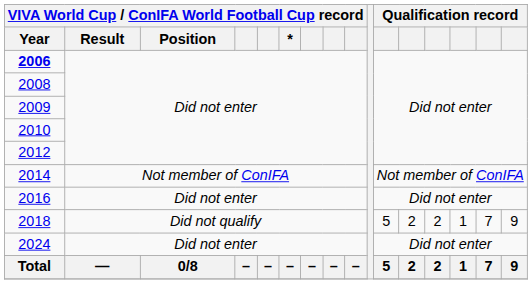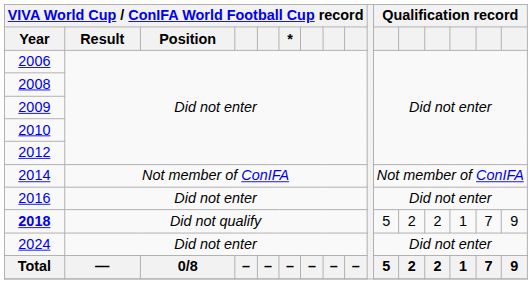 <table class="wikitable" style="text-align:center;">
 <tr>
 <th colspan="9"><a href='#'>VIVA World Cup</a> / <a href='#'>ConIFA World Football Cup</a> record</th>
 <th rowspan="39"></th>
 <th colspan="6">Qualification record</th>
 </tr>
 <tr>
 <th>Year</th>
 <th>Result</th>
 <th>Position</th>
 <th></th>
 <th></th>
 <th>*</th>
 <th></th>
 <th></th>
 <th></th>
 <th></th>
 <th></th>
 <th></th>
 <th></th>
 <th></th>
 <th></th>
 </tr>
 <tr>
-<td><strong> <a href='#'>2006</a></strong></td>
+<td> <a href='#'>2006</a></td>
 <td colspan=8 rowspan=5><em>Did not enter</em></td>
 <td colspan=6 rowspan=5><em>Did not enter</em></td>
 </tr>
 <tr>
 <td> <a href='#'>2008</a></td>
 </tr>
 <tr>
 <td> <a href='#'>2009</a></td>
 </tr>
 <tr>
 <td> <a href='#'>2010</a></td>
 </tr>
 <tr>
 <td> <a href='#'>2012</a></td>
 </tr>
 <tr>
 <td> <a href='#'>2014</a></td>
 <td colspan="8"><em>Not member of <a href='#'>ConIFA</a></em></td>
 <td colspan="6"><em>Not member of <a href='#'>ConIFA</a></em></td>
 </tr>
 <tr>
 <td> <a href='#'>2016</a></td>
 <td colspan="8"><em>Did not enter</em></td>
 <td colspan="6"><em>Did not enter</em></td>
 </tr>
 <tr>
-<td> <a href='#'>2018</a></td>
+<td><strong> <a href='#'>2018</a></strong></td>
 <td colspan="8"><em>Did not qualify</em></td>
 <td>5</td>
 <td>2</td>
 <td>2</td>
 <td>1</td>
 <td>7</td>
 <td>9</td>
 </tr>
 <tr>
 <td> <a href='#'>2024</a></td>
 <td colspan=8 rowspan=1><em>Did not enter</em></td>
 <td colspan=6 rowspan=1><em>Did not enter</em></td>
 </tr>
 <tr>
 <th>Total</th>
 <th>—</th>
 <th>0/8</th>
 <th>–</th>
 <th>–</th>
 <th>–</th>
 <th>–</th>
 <th>–</th>
 <th>–</th>
 <th>5</th>
 <th>2</th>
 <th>2</th>
 <th>1</th>
 <th>7</th>
 <th>9</th>
 </tr>
 <tr>
 </tr>
 </table>
